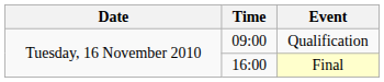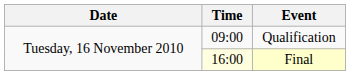 <table class = "wikitable" style="text-align:center;">
 <tr>
 <th width=220>Date</th>
 <th width=50>Time</th>
 <th width=100>Event</th>
 </tr>
 <tr>
 <td rowspan=2>Tuesday, 16 November 2010</td>
 <td>09:00</td>
 <td>Qualification</td>
 </tr>
 <tr>
-<td>16:00</td>
+<td style="background: lightyellow;">16:00</td>
 <td bgcolor=ffffcc>Final</td>
 </tr>
 </table>
